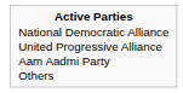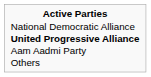 <table class="infobox" style="float; margin-left: 1em; margin-bottom: 0.5em">
 <tr>
 <td style="text-align: center"><span><strong>Active Parties</strong></span></td>
 </tr>
 <tr>
 <td style="padding: 0 5px;"> National Democratic Alliance</td>
 </tr>
 <tr>
-<td style="padding: 0 5px;"> United Progressive Alliance</td>
+<td style="padding: 0 5px;"><strong> United Progressive Alliance</strong></td>
 </tr>
 <tr>
 <td style="padding: 0 5px;"> Aam Aadmi Party</td>
 </tr>
 <tr>
 <td style="padding: 0 5px;"> Others </td>
 </tr>
 </table>
